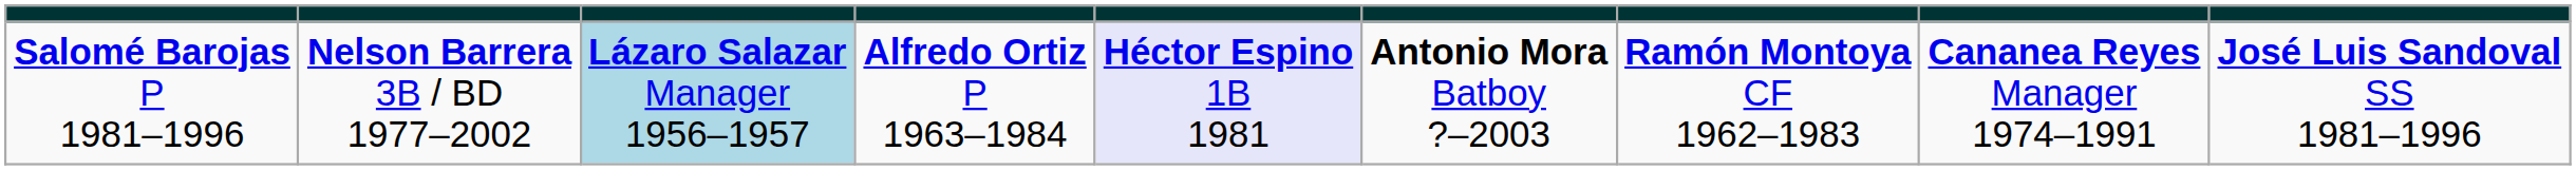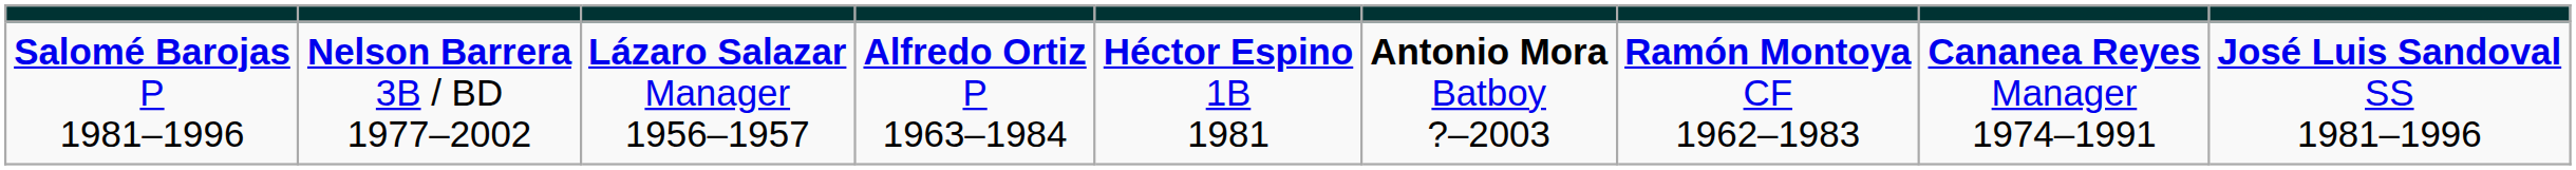 <table class="wikitable" style="text-align:center;">
 <tr>
 <td style="background:#033;"></td>
 <td style="background:#033;"></td>
 <td style="background:#033;"></td>
 <td style="background:#033;"></td>
 <td style="background:#033;"></td>
 <td style="background:#033;"></td>
 <td style="background:#033;"></td>
 <td style="background:#033;"></td>
 <td style="background:#033;"></td>
 </tr>
 <tr>
 <td><strong><a href='#'>Salomé Barojas</a></strong> <br> <a href='#'>P</a> <br> 1981–1996</td>
 <td><strong><a href='#'>Nelson Barrera</a></strong> <br> <a href='#'>3B</a> / BD <br> 1977–2002</td>
-<td style="background: lightblue;"><strong><a href='#'>Lázaro Salazar</a></strong> <br> <a href='#'>Manager</a> <br> 1956–1957</td>
+<td><strong><a href='#'>Lázaro Salazar</a></strong> <br> <a href='#'>Manager</a> <br> 1956–1957</td>
 <td><strong><a href='#'>Alfredo Ortiz</a></strong> <br> <a href='#'>P</a> <br> 1963–1984</td>
-<td style="background: lavender;"><strong><a href='#'>Héctor Espino</a></strong> <br> <a href='#'>1B</a> <br> 1981</td>
+<td><strong><a href='#'>Héctor Espino</a></strong> <br> <a href='#'>1B</a> <br> 1981</td>
 <td><strong>Antonio Mora</strong> <br> <a href='#'>Batboy</a> <br> ?–2003</td>
 <td><strong><a href='#'>Ramón Montoya</a></strong> <br> <a href='#'>CF</a> <br> 1962–1983</td>
 <td><strong><a href='#'>Cananea Reyes</a></strong> <br> <a href='#'>Manager</a> <br> 1974–1991</td>
 <td><strong><a href='#'>José Luis Sandoval</a></strong> <br> <a href='#'>SS</a> <br> 1981–1996</td>
 </tr>
 </table>
